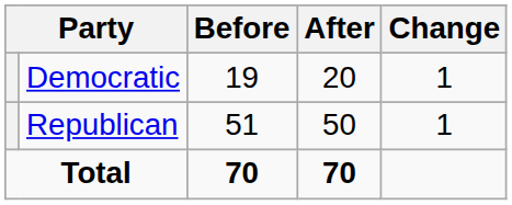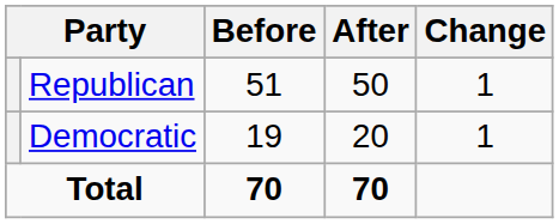 <table class="wikitable" style="text-align:center;">
 <tr>
 <th colspan="2">Party</th>
 <th>Before</th>
 <th>After</th>
 <th>Change</th>
 </tr>
 <tr>
 <th style="background-color:"></th>
-<td style="text-align:left;"><a href='#'>Democratic</a></td>
-<td>19</td>
-<td>20</td>
+<td style="text-align:left;"><a href='#'>Republican</a></td>
+<td>51</td>
+<td>50</td>
 <td> 1</td>
 </tr>
 <tr>
 <th style="background-color:"></th>
-<td style="text-align:left;"><a href='#'>Republican</a></td>
-<td>51</td>
-<td>50</td>
+<td style="text-align:left;"><a href='#'>Democratic</a></td>
+<td>19</td>
+<td>20</td>
 <td> 1</td>
 </tr>
 <tr>
 <td colspan="2"><strong>Total</strong></td>
 <td><strong>70</strong></td>
 <td><strong>70</strong></td>
 <td></td>
 </tr>
 </table>
